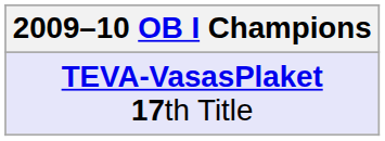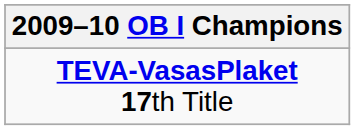 <table class=wikitable style="text-align:center; margin:auto">
 <tr>
 <th>2009–10 <a href='#'>OB I</a> Champions</th>
 </tr>
 <tr>
-<td style="background: lavender;"><strong><a href='#'>TEVA-VasasPlaket</a></strong><br><strong>17</strong>th Title</td>
+<td><strong><a href='#'>TEVA-VasasPlaket</a></strong><br><strong>17</strong>th Title</td>
 </tr>
 </table>
